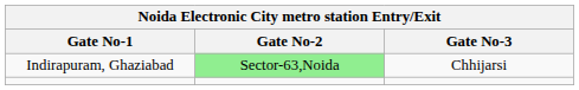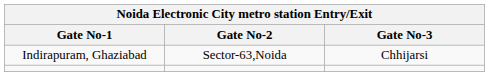 <table class="wikitable" style="text-align: center;" width="68%">
 <tr>
 <th align="center" colspan="5" style="background:#"><span>Noida Electronic City metro station Entry/Exit</span></th>
 </tr>
 <tr>
 <th style="width:15%;">Gate No-1</th>
 <th style="width:15%;">Gate No-2</th>
 <th style="width:15%;">Gate No-3</th>
 </tr>
 <tr>
 <td>Indirapuram, Ghaziabad</td>
-<td style="background: lightgreen;">Sector-63,Noida</td>
+<td>Sector-63,Noida</td>
 <td>Chhijarsi</td>
 </tr>
 <tr>
 <td></td>
 <td></td>
 <td></td>
 </tr>
 </table>
